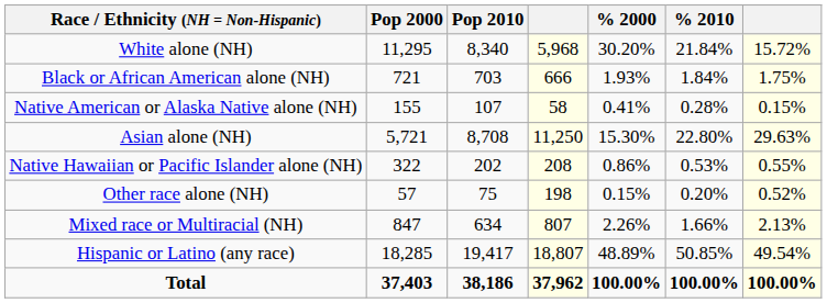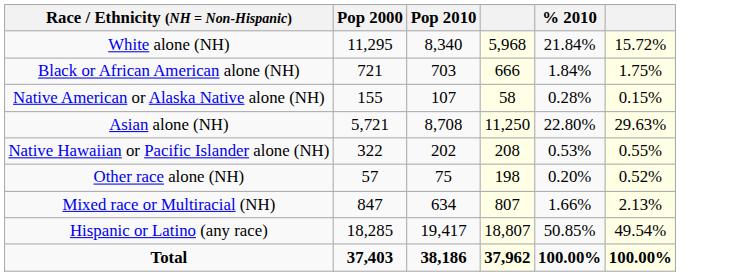 <table class="wikitable" style="text-align:center;">
 <tr>
 <th>Race / Ethnicity <small>(<em>NH = Non-Hispanic</em>)</small></th>
 <th>Pop 2000</th>
 <th>Pop 2010</th>
 <th></th>
-<th>% 2000</th>
 <th>% 2010</th>
 <th></th>
 </tr>
 <tr>
 <td><a href='#'>White</a> alone (NH)</td>
 <td>11,295</td>
 <td>8,340</td>
 <td style='background: #ffffe6;'>5,968</td>
-<td>30.20%</td>
 <td>21.84%</td>
 <td style='background: #ffffe6;'>15.72%</td>
 </tr>
 <tr>
 <td><a href='#'>Black or African American</a> alone (NH)</td>
 <td>721</td>
 <td>703</td>
 <td style='background: #ffffe6;'>666</td>
-<td>1.93%</td>
 <td>1.84%</td>
 <td style='background: #ffffe6;'>1.75%</td>
 </tr>
 <tr>
 <td><a href='#'>Native American</a> or <a href='#'>Alaska Native</a> alone (NH)</td>
 <td>155</td>
 <td>107</td>
 <td style='background: #ffffe6;'>58</td>
-<td>0.41%</td>
 <td>0.28%</td>
 <td style='background: #ffffe6;'>0.15%</td>
 </tr>
 <tr>
 <td><a href='#'>Asian</a> alone (NH)</td>
 <td>5,721</td>
 <td>8,708</td>
 <td style='background: #ffffe6;'>11,250</td>
-<td>15.30%</td>
 <td>22.80%</td>
 <td style='background: #ffffe6;'>29.63%</td>
 </tr>
 <tr>
 <td><a href='#'>Native Hawaiian</a> or <a href='#'>Pacific Islander</a> alone (NH)</td>
 <td>322</td>
 <td>202</td>
 <td style='background: #ffffe6;'>208</td>
-<td>0.86%</td>
 <td>0.53%</td>
 <td style='background: #ffffe6;'>0.55%</td>
 </tr>
 <tr>
 <td><a href='#'>Other race</a> alone (NH)</td>
 <td>57</td>
 <td>75</td>
 <td style='background: #ffffe6;'>198</td>
-<td>0.15%</td>
 <td>0.20%</td>
 <td style='background: #ffffe6;'>0.52%</td>
 </tr>
 <tr>
 <td><a href='#'>Mixed race or Multiracial</a> (NH)</td>
 <td>847</td>
 <td>634</td>
 <td style='background: #ffffe6;'>807</td>
-<td>2.26%</td>
 <td>1.66%</td>
 <td style='background: #ffffe6;'>2.13%</td>
 </tr>
 <tr>
 <td><a href='#'>Hispanic or Latino</a> (any race)</td>
 <td>18,285</td>
 <td>19,417</td>
 <td style='background: #ffffe6;'>18,807</td>
-<td>48.89%</td>
 <td>50.85%</td>
 <td style='background: #ffffe6;'>49.54%</td>
 </tr>
 <tr>
 <td><strong>Total</strong></td>
 <td><strong>37,403</strong></td>
 <td><strong>38,186</strong></td>
 <td style='background: #ffffe6;'><strong>37,962</strong></td>
 <td><strong>100.00%</strong></td>
-<td><strong>100.00%</strong></td>
 <td style='background: #ffffe6;'><strong>100.00%</strong></td>
 </tr>
 </table>
